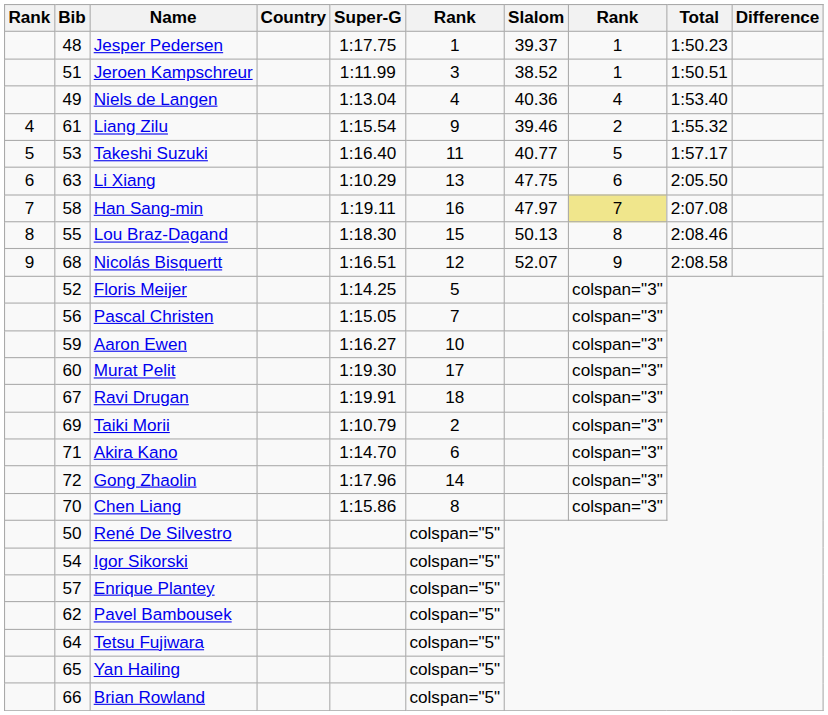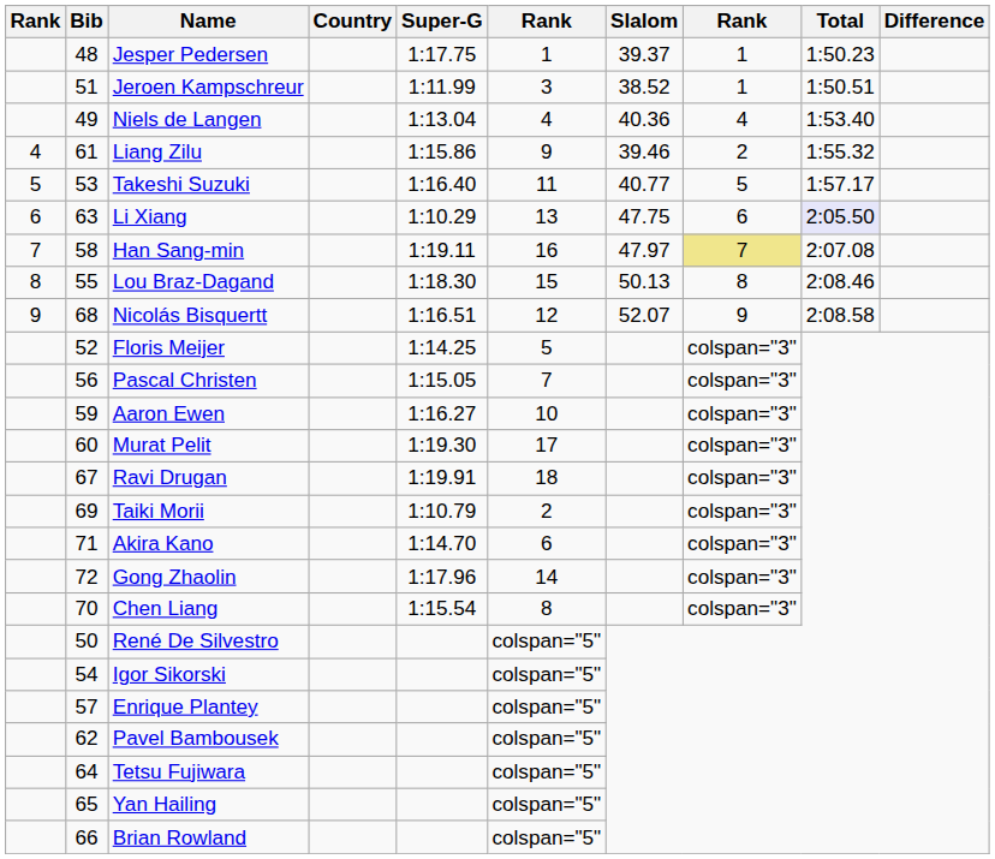 <table class="wikitable sortable" style="text-align:center">
 <tr>
 <th>Rank</th>
 <th>Bib</th>
 <th>Name</th>
 <th>Country</th>
 <th>Super-G</th>
 <th>Rank</th>
 <th>Slalom</th>
 <th>Rank</th>
 <th>Total</th>
 <th>Difference</th>
 </tr>
 <tr>
 <td></td>
 <td>48</td>
 <td align="left"><a href='#'>Jesper Pedersen</a></td>
 <td align="left"></td>
 <td>1:17.75</td>
 <td>1</td>
 <td>39.37</td>
 <td>1</td>
 <td>1:50.23</td>
 <td></td>
 </tr>
 <tr>
 <td></td>
 <td>51</td>
 <td align="left"><a href='#'>Jeroen Kampschreur</a></td>
 <td align="left"></td>
 <td>1:11.99</td>
 <td>3</td>
 <td>38.52</td>
 <td>1</td>
 <td>1:50.51</td>
 <td></td>
 </tr>
 <tr>
 <td></td>
 <td>49</td>
 <td align="left"><a href='#'>Niels de Langen</a></td>
 <td align="left"></td>
 <td>1:13.04</td>
 <td>4</td>
 <td>40.36</td>
 <td>4</td>
 <td>1:53.40</td>
 <td></td>
 </tr>
 <tr>
 <td>4</td>
 <td>61</td>
 <td align="left"><a href='#'>Liang Zilu</a></td>
 <td align="left"></td>
-<td>1:15.54</td>
+<td>1:15.86</td>
 <td>9</td>
 <td>39.46</td>
 <td>2</td>
 <td>1:55.32</td>
 <td></td>
 </tr>
 <tr>
 <td>5</td>
 <td>53</td>
 <td align="left"><a href='#'>Takeshi Suzuki</a></td>
 <td align="left"></td>
 <td>1:16.40</td>
 <td>11</td>
 <td>40.77</td>
 <td>5</td>
 <td>1:57.17</td>
 <td></td>
 </tr>
 <tr>
 <td>6</td>
 <td>63</td>
 <td align="left"><a href='#'>Li Xiang</a></td>
 <td align="left"></td>
 <td>1:10.29</td>
 <td>13</td>
 <td>47.75</td>
 <td>6</td>
-<td>2:05.50</td>
+<td style="background: lavender;">2:05.50</td>
 <td></td>
 </tr>
 <tr>
 <td>7</td>
 <td>58</td>
 <td align="left"><a href='#'>Han Sang-min</a></td>
 <td align="left"></td>
 <td>1:19.11</td>
 <td>16</td>
 <td>47.97</td>
 <td style="background: khaki;">7</td>
 <td>2:07.08</td>
 <td></td>
 </tr>
 <tr>
 <td>8</td>
 <td>55</td>
 <td align="left"><a href='#'>Lou Braz-Dagand</a></td>
 <td align="left"></td>
 <td>1:18.30</td>
 <td>15</td>
 <td>50.13</td>
 <td>8</td>
 <td>2:08.46</td>
 <td></td>
 </tr>
 <tr>
 <td>9</td>
 <td>68</td>
 <td align="left"><a href='#'>Nicolás Bisquertt</a></td>
 <td align="left"></td>
 <td>1:16.51</td>
 <td>12</td>
 <td>52.07</td>
 <td>9</td>
 <td>2:08.58</td>
 <td></td>
 </tr>
 <tr>
 <td></td>
 <td>52</td>
 <td align="left"><a href='#'>Floris Meijer</a></td>
 <td align="left"></td>
 <td>1:14.25</td>
 <td>5</td>
 <td></td>
 <td>colspan="3" </td>
 </tr>
 <tr>
 <td></td>
 <td>56</td>
 <td align="left"><a href='#'>Pascal Christen</a></td>
 <td align="left"></td>
 <td>1:15.05</td>
 <td>7</td>
 <td></td>
 <td>colspan="3" </td>
 </tr>
 <tr>
 <td></td>
 <td>59</td>
 <td align="left"><a href='#'>Aaron Ewen</a></td>
 <td align="left"></td>
 <td>1:16.27</td>
 <td>10</td>
 <td></td>
 <td>colspan="3" </td>
 </tr>
 <tr>
 <td></td>
 <td>60</td>
 <td align="left"><a href='#'>Murat Pelit</a></td>
 <td align="left"></td>
 <td>1:19.30</td>
 <td>17</td>
 <td></td>
 <td>colspan="3" </td>
 </tr>
 <tr>
 <td></td>
 <td>67</td>
 <td align="left"><a href='#'>Ravi Drugan</a></td>
 <td align="left"></td>
 <td>1:19.91</td>
 <td>18</td>
 <td></td>
 <td>colspan="3" </td>
 </tr>
 <tr>
 <td></td>
 <td>69</td>
 <td align="left"><a href='#'>Taiki Morii</a></td>
 <td align="left"></td>
 <td>1:10.79</td>
 <td>2</td>
 <td></td>
 <td>colspan="3" </td>
 </tr>
 <tr>
 <td></td>
 <td>71</td>
 <td align="left"><a href='#'>Akira Kano</a></td>
 <td align="left"></td>
 <td>1:14.70</td>
 <td>6</td>
 <td></td>
 <td>colspan="3" </td>
 </tr>
 <tr>
 <td></td>
 <td>72</td>
 <td align="left"><a href='#'>Gong Zhaolin</a></td>
 <td align="left"></td>
 <td>1:17.96</td>
 <td>14</td>
 <td></td>
 <td>colspan="3" </td>
 </tr>
 <tr>
 <td></td>
 <td>70</td>
 <td align="left"><a href='#'>Chen Liang</a></td>
 <td align="left"></td>
-<td>1:15.86</td>
+<td>1:15.54</td>
 <td>8</td>
 <td></td>
 <td>colspan="3" </td>
 </tr>
 <tr>
 <td></td>
 <td>50</td>
 <td align="left"><a href='#'>René De Silvestro</a></td>
 <td align="left"></td>
 <td></td>
 <td>colspan="5" </td>
 </tr>
 <tr>
 <td></td>
 <td>54</td>
 <td align="left"><a href='#'>Igor Sikorski</a></td>
 <td align="left"></td>
 <td></td>
 <td>colspan="5" </td>
 </tr>
 <tr>
 <td></td>
 <td>57</td>
 <td align="left"><a href='#'>Enrique Plantey</a></td>
 <td align="left"></td>
 <td></td>
 <td>colspan="5" </td>
 </tr>
 <tr>
 <td></td>
 <td>62</td>
 <td align="left"><a href='#'>Pavel Bambousek</a></td>
 <td align="left"></td>
 <td></td>
 <td>colspan="5" </td>
 </tr>
 <tr>
 <td></td>
 <td>64</td>
 <td align="left"><a href='#'>Tetsu Fujiwara</a></td>
 <td align="left"></td>
 <td></td>
 <td>colspan="5" </td>
 </tr>
 <tr>
 <td></td>
 <td>65</td>
 <td align="left"><a href='#'>Yan Hailing</a></td>
 <td align="left"></td>
 <td></td>
 <td>colspan="5" </td>
 </tr>
 <tr>
 <td></td>
 <td>66</td>
 <td align="left"><a href='#'>Brian Rowland</a></td>
 <td align="left"></td>
 <td></td>
 <td>colspan="5" </td>
 </tr>
 </table>
